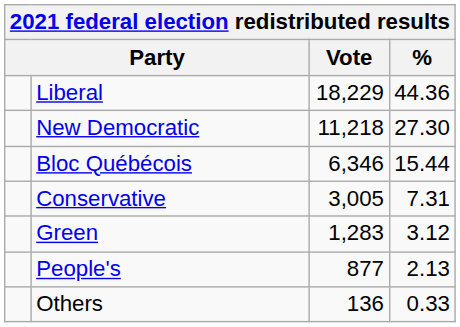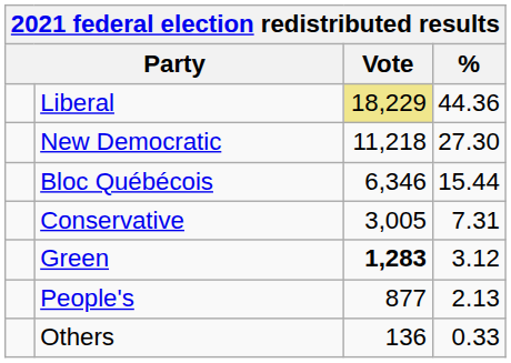 <table class="wikitable">
 <tr>
 <th colspan="4"><a href='#'>2021 federal election</a> redistributed results</th>
 </tr>
 <tr>
 <th bgcolor="#DDDDFF" width="130px" colspan="2">Party</th>
 <th bgcolor="#DDDDFF" width="50px">Vote</th>
 <th bgcolor="#DDDDFF" width="30px">%</th>
 </tr>
 <tr>
 <td> </td>
 <td><a href='#'>Liberal</a></td>
-<td align=right>18,229</td>
+<td align=right style="background: khaki;">18,229</td>
 <td align=right>44.36</td>
 </tr>
 <tr>
 <td> </td>
 <td><a href='#'>New Democratic</a></td>
 <td align=right>11,218</td>
 <td align=right>27.30</td>
 </tr>
 <tr>
 <td> </td>
 <td><a href='#'>Bloc Québécois</a></td>
 <td align=right>6,346</td>
 <td align=right>15.44</td>
 </tr>
 <tr>
 <td> </td>
 <td><a href='#'>Conservative</a></td>
 <td align=right>3,005</td>
 <td align=right>7.31</td>
 </tr>
 <tr>
 <td> </td>
 <td><a href='#'>Green</a></td>
-<td align=right>1,283</td>
+<td align=right><strong>1,283</strong></td>
 <td align=right>3.12</td>
 </tr>
 <tr>
 <td> </td>
 <td><a href='#'>People's</a></td>
 <td align=right>877</td>
 <td align=right>2.13</td>
 </tr>
 <tr>
 <td> </td>
 <td>Others</td>
 <td align=right>136</td>
 <td align=right>0.33</td>
 </tr>
 </table>
